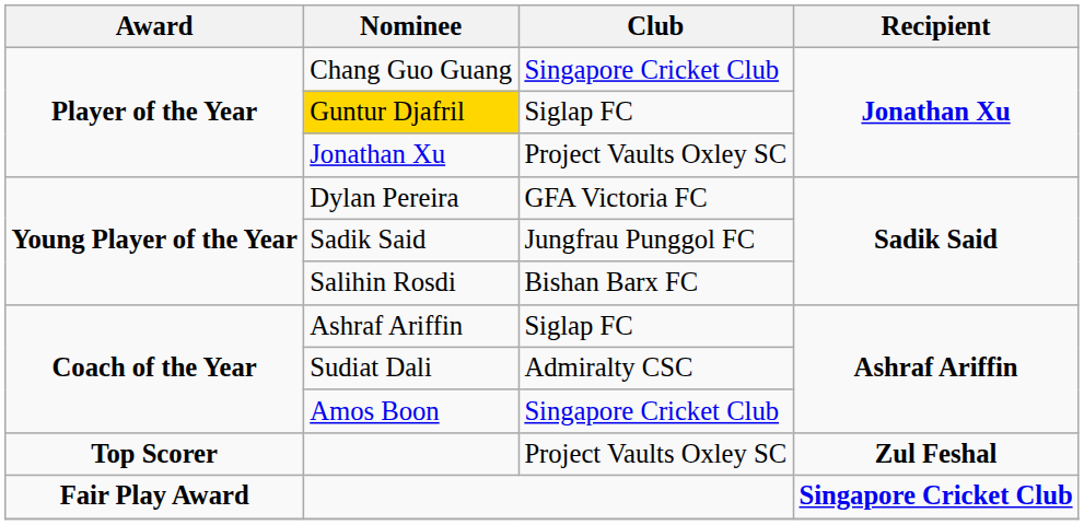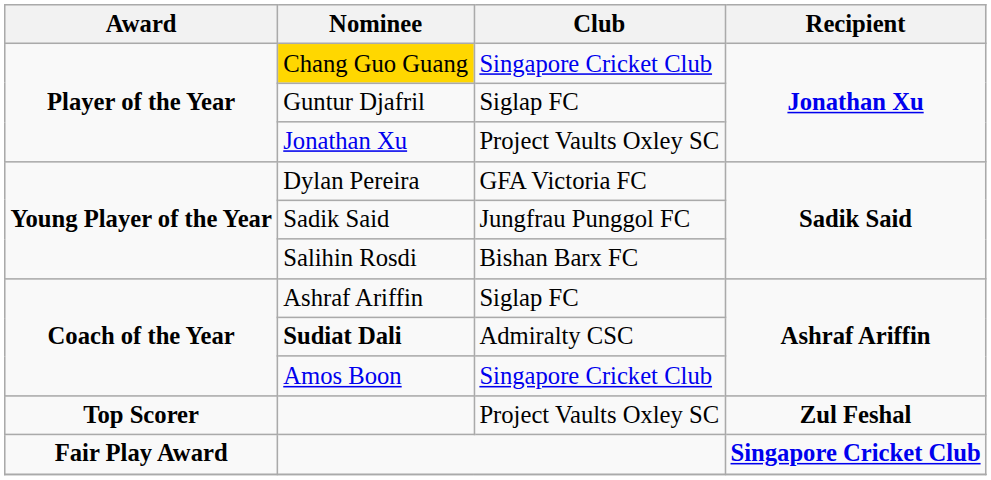 <table class="wikitable" style="font-size:100%">
 <tr>
 <th>Award</th>
 <th>Nominee</th>
 <th>Club</th>
 <th>Recipient</th>
 </tr>
 <tr>
 <td align="center" rowspan="3"><strong>Player of the Year</strong></td>
-<td>Chang Guo Guang</td>
+<td style="background: gold;">Chang Guo Guang</td>
 <td><a href='#'>Singapore Cricket Club</a></td>
 <td align="center" rowspan="3"><strong><a href='#'>Jonathan Xu</a></strong></td>
 </tr>
 <tr>
-<td style="background: gold;">Guntur Djafril</td>
+<td>Guntur Djafril</td>
 <td>Siglap FC</td>
 </tr>
 <tr>
 <td><a href='#'>Jonathan Xu</a></td>
 <td>Project Vaults Oxley SC</td>
 </tr>
 <tr>
 <td align="center" rowspan="3"><strong>Young Player of the Year</strong></td>
 <td>Dylan Pereira</td>
 <td>GFA Victoria FC</td>
 <td align="center" rowspan="3"><strong>Sadik Said</strong></td>
 </tr>
 <tr>
 <td>Sadik Said</td>
 <td>Jungfrau Punggol FC</td>
 </tr>
 <tr>
 <td>Salihin Rosdi</td>
 <td>Bishan Barx FC</td>
 </tr>
 <tr>
 <td align="center" rowspan="3"><strong>Coach of the Year</strong></td>
 <td>Ashraf Ariffin</td>
 <td>Siglap FC</td>
 <td align="center" rowspan="3"><strong>Ashraf Ariffin</strong></td>
 </tr>
 <tr>
-<td>Sudiat Dali</td>
+<td><strong>Sudiat Dali</strong></td>
 <td>Admiralty CSC</td>
 </tr>
 <tr>
 <td><a href='#'>Amos Boon</a></td>
 <td><a href='#'>Singapore Cricket Club</a></td>
 </tr>
 <tr>
 <td align="center"><strong>Top Scorer</strong></td>
 <td></td>
 <td>Project Vaults Oxley SC</td>
 <td align="center"><strong>Zul Feshal</strong></td>
 </tr>
 <tr>
 <td align="center"><strong>Fair Play Award</strong></td>
 <td colspan="2"></td>
 <td align="center"><strong><a href='#'>Singapore Cricket Club</a></strong></td>
 </tr>
 <tr>
 </tr>
 </table>
